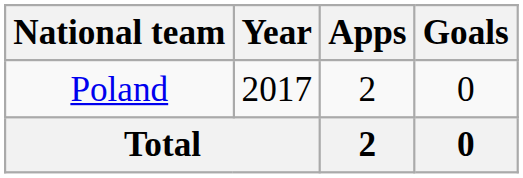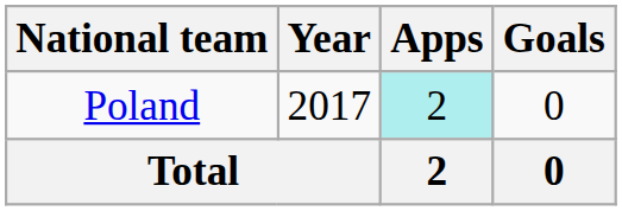 <table class="wikitable" style="text-align:center">
 <tr>
 <th>National team</th>
 <th>Year</th>
 <th>Apps</th>
 <th>Goals</th>
 </tr>
 <tr>
 <td rowspan="1"><a href='#'>Poland</a></td>
 <td>2017</td>
-<td>2</td>
+<td style="background: paleturquoise;">2</td>
 <td>0</td>
 </tr>
 <tr>
 <th colspan="2">Total</th>
 <th>2</th>
 <th>0</th>
 </tr>
 </table>
